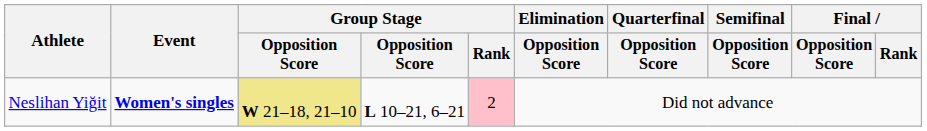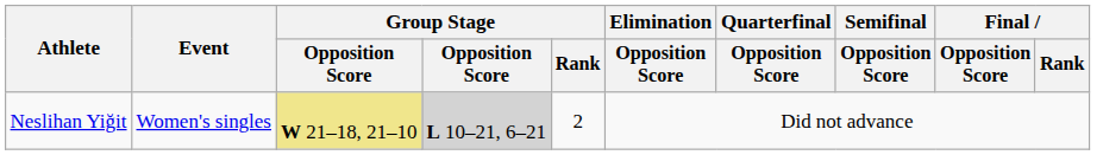 <table class="wikitable" style="font-size:90%">
 <tr>
 <th rowspan=2>Athlete</th>
 <th rowspan=2>Event</th>
 <th colspan=3>Group Stage</th>
 <th>Elimination</th>
 <th>Quarterfinal</th>
 <th>Semifinal</th>
 <th colspan=2>Final / </th>
 </tr>
 <tr style="font-size:95%">
 <th>Opposition<br>Score</th>
 <th>Opposition<br>Score</th>
 <th>Rank</th>
 <th>Opposition<br>Score</th>
 <th>Opposition<br>Score</th>
 <th>Opposition<br>Score</th>
 <th>Opposition<br>Score</th>
 <th>Rank</th>
 </tr>
 <tr align=center>
 <td align=left><a href='#'>Neslihan Yiğit</a></td>
-<td align=left><strong><a href='#'>Women's singles</a></strong></td>
+<td align=left><a href='#'>Women's singles</a></td>
 <td style="background: khaki;"><br><strong>W</strong> 21–18, 21–10</td>
-<td><br><strong>L</strong> 10–21, 6–21</td>
-<td style="background: pink;">2</td>
+<td style="background: lightgrey;"><br><strong>L</strong> 10–21, 6–21</td>
+<td>2</td>
 <td colspan=5>Did not advance</td>
 </tr>
 </table>
